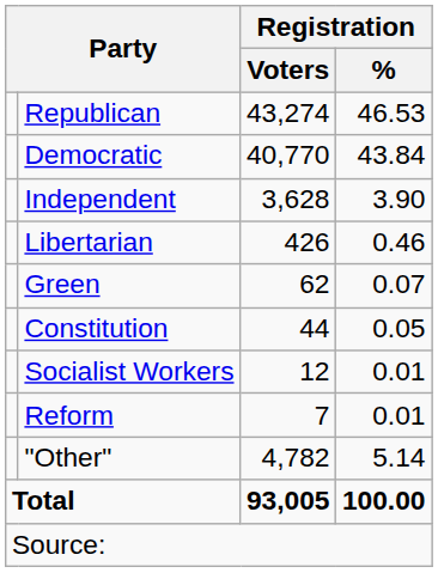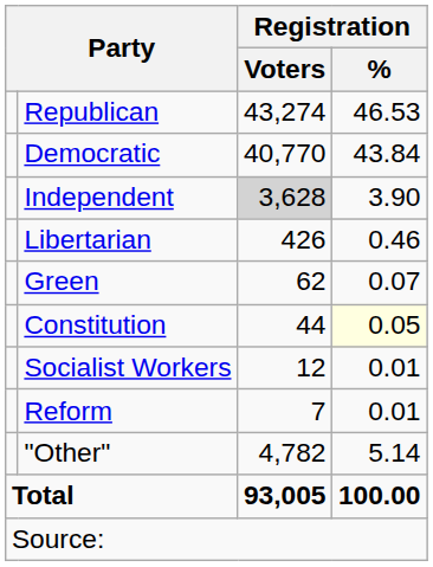 <table class="wikitable">
 <tr>
 <th colspan="2" rowspan="2">Party</th>
 <th colspan="2">Registration</th>
 </tr>
 <tr>
 <th>Voters</th>
 <th>%</th>
 </tr>
 <tr>
 <td style="background-color:"></td>
 <td><a href='#'>Republican</a></td>
 <td style="text-align:right;">43,274</td>
 <td style="text-align:right;">46.53</td>
 </tr>
 <tr>
 <td style="background-color:"></td>
 <td><a href='#'>Democratic</a></td>
 <td style="text-align:right;">40,770</td>
 <td style="text-align:right;">43.84</td>
 </tr>
 <tr>
 <td style="background-color:"></td>
 <td><a href='#'>Independent</a></td>
-<td style="text-align:right;">3,628</td>
+<td style="background: lightgrey; text-align:right;">3,628</td>
 <td style="text-align:right;">3.90</td>
 </tr>
 <tr>
 <td style="background-color:"></td>
 <td><a href='#'>Libertarian</a></td>
 <td style="text-align:right;">426</td>
 <td style="text-align:right;">0.46</td>
 </tr>
 <tr>
 <td style="background-color:"></td>
 <td><a href='#'>Green</a></td>
 <td style="text-align:right;">62</td>
 <td style="text-align:right;">0.07</td>
 </tr>
 <tr>
 <td style="background-color:"></td>
 <td><a href='#'>Constitution</a></td>
 <td style="text-align:right;">44</td>
-<td style="text-align:right;">0.05</td>
+<td style="background: lightyellow; text-align:right;">0.05</td>
 </tr>
 <tr>
 <td style="background-color:"></td>
 <td><a href='#'>Socialist Workers</a></td>
 <td style="text-align:right;">12</td>
 <td style="text-align:right;">0.01</td>
 </tr>
 <tr>
 <td style="background-color:"></td>
 <td><a href='#'>Reform</a></td>
 <td style="text-align:right;">7</td>
 <td style="text-align:right;">0.01</td>
 </tr>
 <tr>
 <td></td>
 <td>"Other"</td>
 <td style="text-align:right;">4,782</td>
 <td style="text-align:right;">5.14</td>
 </tr>
 <tr>
 <td colspan="2"><strong>Total</strong></td>
 <td style="text-align:right;"><strong>93,005</strong></td>
 <td style="text-align:right;"><strong>100.00</strong></td>
 </tr>
 <tr>
 <td colspan="4">Source: <em></em></td>
 </tr>
 </table>
